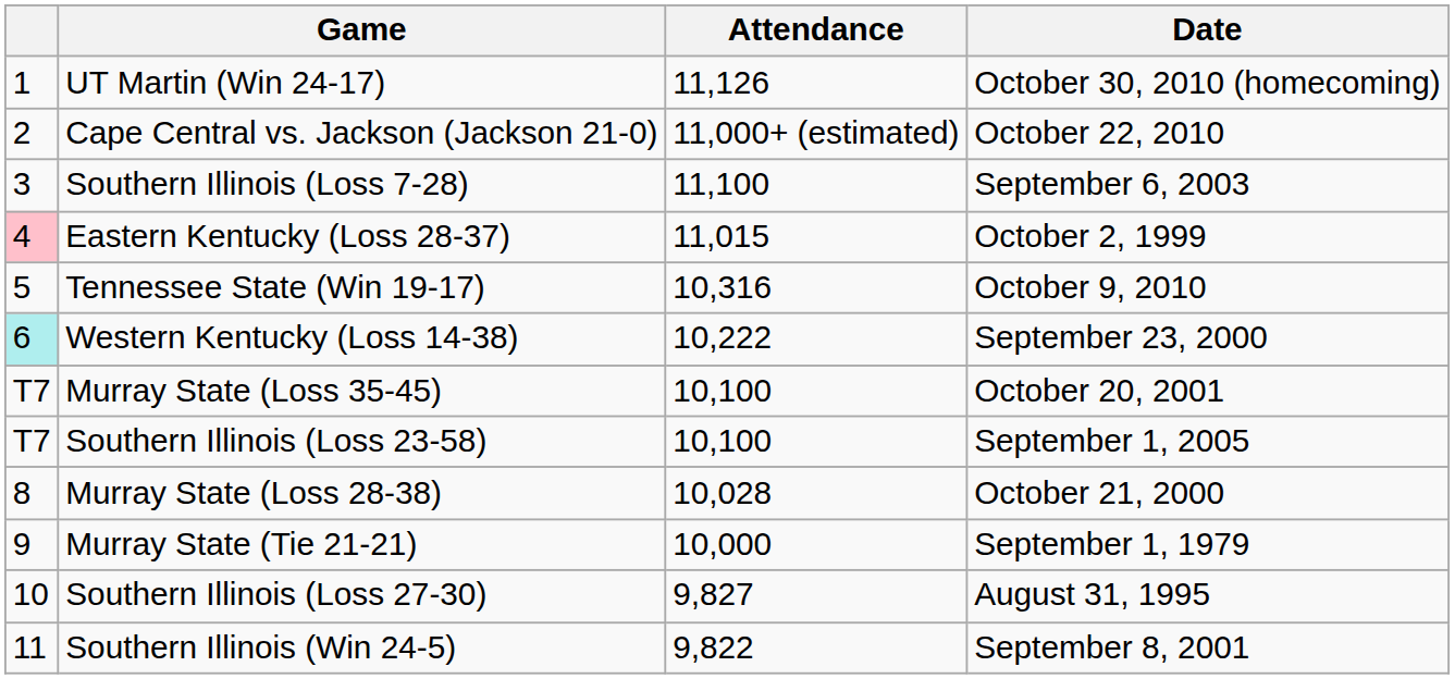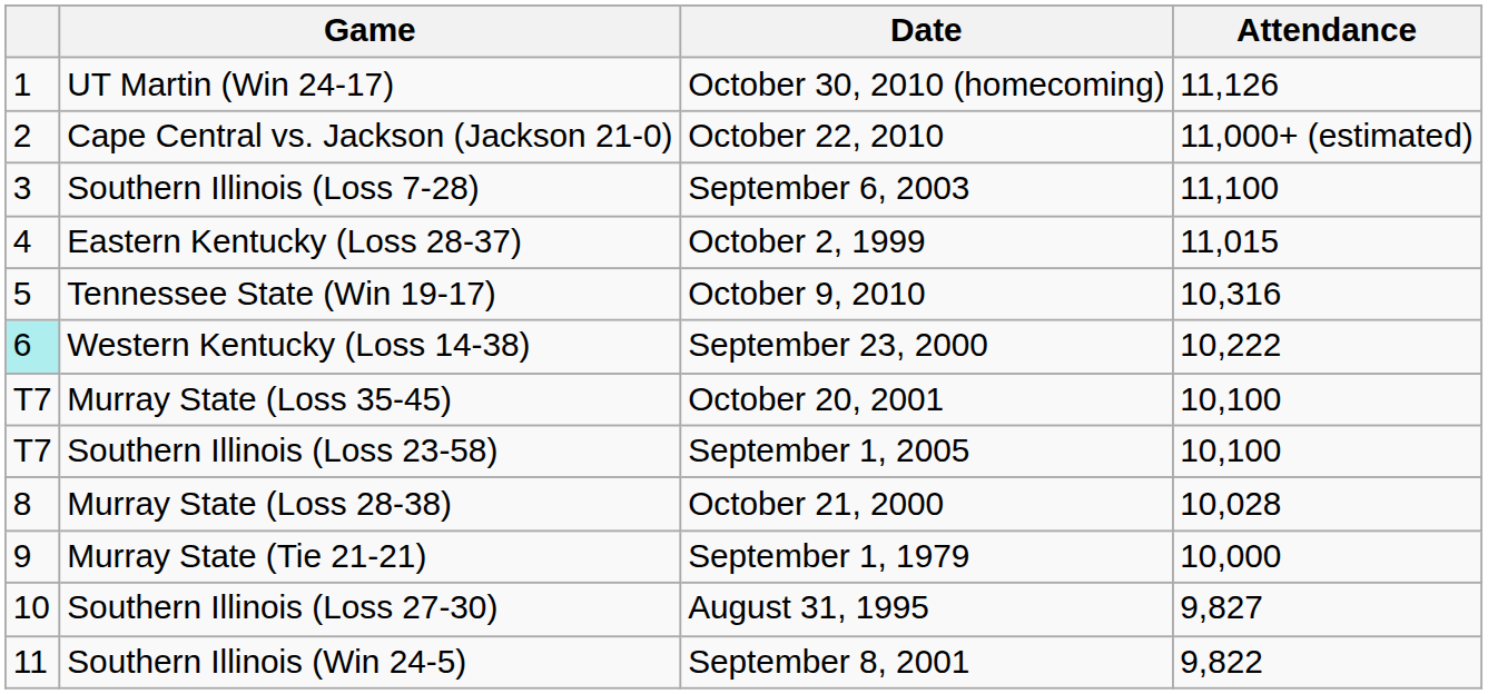 <table class="wikitable">
 <tr>
 <th></th>
 <th>Game</th>
+<th>Date</th>
 <th>Attendance</th>
-<th>Date</th>
 </tr>
 <tr>
 <td>1</td>
 <td>UT Martin (Win 24-17)</td>
+<td>October 30, 2010 (homecoming)</td>
 <td>11,126</td>
-<td>October 30, 2010 (homecoming)</td>
 </tr>
 <tr>
 <td>2</td>
 <td>Cape Central vs. Jackson (Jackson 21-0)</td>
+<td>October 22, 2010</td>
 <td>11,000+ (estimated)</td>
-<td>October 22, 2010</td>
 </tr>
 <tr>
 <td>3</td>
 <td>Southern Illinois (Loss 7-28)</td>
+<td>September 6, 2003</td>
 <td>11,100</td>
-<td>September 6, 2003</td>
 </tr>
 <tr>
-<td style="background: pink;">4</td>
+<td>4</td>
 <td>Eastern Kentucky (Loss 28-37)</td>
+<td>October 2, 1999</td>
 <td>11,015</td>
-<td>October 2, 1999</td>
 </tr>
 <tr>
 <td>5</td>
 <td>Tennessee State (Win 19-17)</td>
+<td>October 9, 2010</td>
 <td>10,316</td>
-<td>October 9, 2010</td>
 </tr>
 <tr>
 <td style="background: paleturquoise;">6</td>
 <td>Western Kentucky (Loss 14-38)</td>
+<td>September 23, 2000</td>
 <td>10,222</td>
-<td>September 23, 2000</td>
 </tr>
 <tr>
 <td>T7</td>
 <td>Murray State (Loss 35-45)</td>
+<td>October 20, 2001</td>
 <td>10,100</td>
-<td>October 20, 2001</td>
 </tr>
 <tr>
 <td>T7</td>
 <td>Southern Illinois (Loss 23-58)</td>
+<td>September 1, 2005</td>
 <td>10,100</td>
-<td>September 1, 2005</td>
 </tr>
 <tr>
 <td>8</td>
 <td>Murray State (Loss 28-38)</td>
+<td>October 21, 2000</td>
 <td>10,028</td>
-<td>October 21, 2000</td>
 </tr>
 <tr>
 <td>9</td>
 <td>Murray State (Tie 21-21)</td>
+<td>September 1, 1979</td>
 <td>10,000</td>
-<td>September 1, 1979</td>
 </tr>
 <tr>
 <td>10</td>
 <td>Southern Illinois (Loss 27-30)</td>
+<td>August 31, 1995</td>
 <td>9,827</td>
-<td>August 31, 1995</td>
 </tr>
 <tr>
 <td>11</td>
 <td>Southern Illinois (Win 24-5)</td>
+<td>September 8, 2001</td>
 <td>9,822</td>
-<td>September 8, 2001</td>
 </tr>
 </table>
